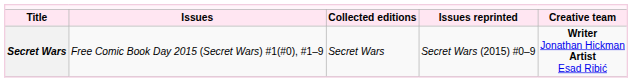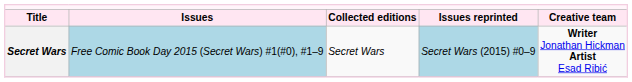 <table class="wikitable collapsible"  style="text-align:center; border:2px solid #f2cee0; font-weight:normal;">
 <tr>
 <th colspan="5" style="background:#fff5fa;"></th>
 </tr>
 <tr>
 <th scope="col" style="text-align:center; background:#ffe6f2;">Title</th>
 <th scope="col" style="text-align:center; background:#ffe6f2;">Issues</th>
 <th scope="col" style="text-align:center; background:#ffe6f2;">Collected editions</th>
 <th scope="col" style="text-align:center; background:#ffe6f2;">Issues reprinted</th>
 <th scope="col" style="text-align:center; background:#ffe6f2;">Creative team</th>
 </tr>
 <tr>
 <th><em>Secret Wars</em></th>
-<td><em>Free Comic Book Day 2015</em> (<em>Secret Wars</em>) #1(#0), #1–9</td>
+<td style="background: lightblue;"><em>Free Comic Book Day 2015</em> (<em>Secret Wars</em>) #1(#0), #1–9</td>
 <td style="text-align:left;"><em>Secret Wars</em></td>
-<td style="text-align:left;"><em>Secret Wars</em> (2015) #0–9</td>
+<td style="background: lightblue; text-align:left;"><em>Secret Wars</em> (2015) #0–9</td>
 <td><strong>Writer</strong><br><a href='#'>Jonathan Hickman</a><br><strong>Artist</strong><br><a href='#'>Esad Ribić</a></td>
 </tr>
 <tr>
 </tr>
 </table>
